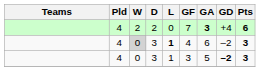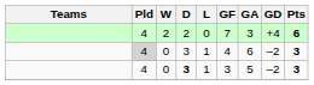 <table class="wikitable" style="text-align: center;">
 <tr>
 <th width=165>Teams</th>
 <th width=20>Pld</th>
 <th width=20>W</th>
 <th width=20>D</th>
 <th width=20>L</th>
 <th width=20>GF</th>
 <th width=20>GA</th>
 <th width=20>GD</th>
 <th width=20>Pts</th>
 </tr>
 <tr align=center style="background:#ccffcc;">
 <td style="text-align:left;"></td>
 <td>4</td>
 <td>2</td>
 <td>2</td>
 <td>0</td>
 <td>7</td>
-<td><strong>3</strong></td>
+<td>3</td>
 <td>+4</td>
 <td><strong>6</strong></td>
 </tr>
 <tr align=center>
 <td style="text-align:left;"></td>
-<td>4</td>
-<td style="background: lightgrey;">0</td>
+<td style="background: lightgrey;">4</td>
+<td>0</td>
 <td>3</td>
-<td><strong>1</strong></td>
+<td>1</td>
 <td>4</td>
 <td>6</td>
 <td>–2</td>
 <td><strong>3</strong></td>
 </tr>
 <tr align=center>
 <td style="text-align:left;"></td>
 <td>4</td>
 <td>0</td>
-<td>3</td>
+<td><strong>3</strong></td>
 <td>1</td>
 <td>3</td>
 <td>5</td>
-<td><strong>–2</strong></td>
+<td>–2</td>
 <td><strong>3</strong></td>
 </tr>
 <tr align=center>
 </tr>
 </table>
